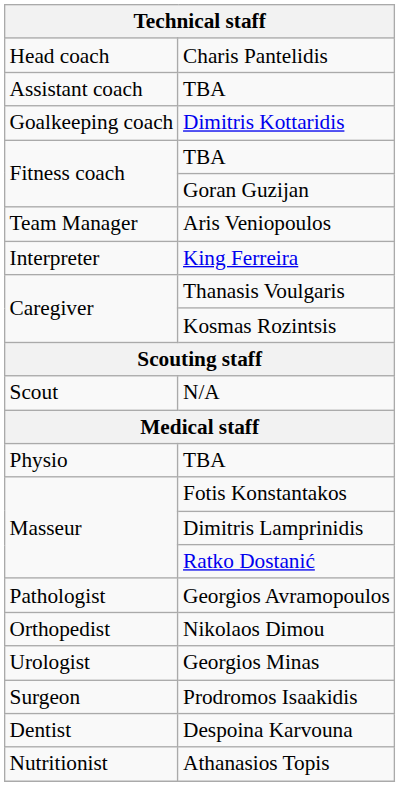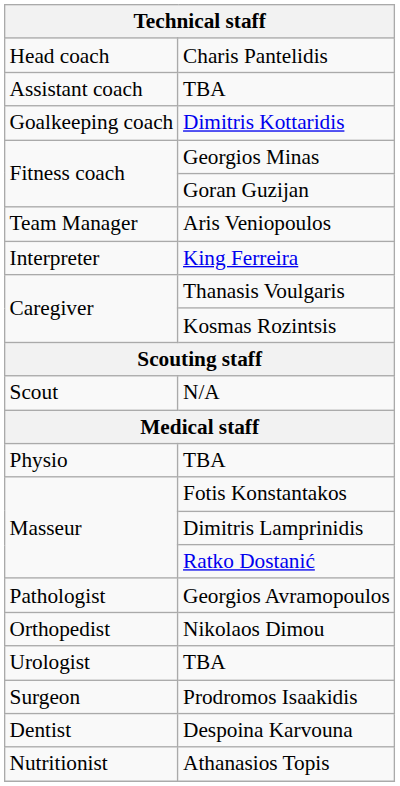 <table class="wikitable" style="text-align: center">
 <tr>
 <th colspan="2">Technical staff</th>
 </tr>
 <tr>
 <td align=left>Head coach</td>
 <td align=left> Charis Pantelidis</td>
 </tr>
 <tr>
 <td align=left rowspan=1>Assistant coach</td>
 <td align=left> TBA</td>
 </tr>
 <tr>
 <td align=left rowspan=1>Goalkeeping coach</td>
 <td align=left> <a href='#'>Dimitris Kottaridis</a></td>
 </tr>
 <tr>
 <td align=left rowspan=2>Fitness coach</td>
-<td align=left> TBA</td>
+<td align=left> Georgios Minas</td>
 </tr>
 <tr>
 <td align=left> Goran Guzijan</td>
 </tr>
 <tr>
 <td align=left>Team Manager</td>
 <td align=left> Aris Veniopoulos</td>
 </tr>
 <tr>
 <td align=left>Interpreter</td>
 <td align=left> <a href='#'>King Ferreira</a></td>
 </tr>
 <tr>
 <td align=left rowspan=2>Caregiver</td>
 <td align=left> Thanasis Voulgaris</td>
 </tr>
 <tr>
 <td align=left> Kosmas Rozintsis</td>
 </tr>
 <tr>
 <th colspan="2">Scouting staff</th>
 </tr>
 <tr>
 <td align=left rowspan=1>Scout</td>
 <td align=left>N/A</td>
 </tr>
 <tr>
 <th colspan="2">Medical staff</th>
 </tr>
 <tr>
 <td align=left rowspan=1>Physio</td>
 <td align=left>TBA</td>
 </tr>
 <tr>
 <td align=left rowspan=3>Masseur</td>
 <td align=left> Fotis Konstantakos</td>
 </tr>
 <tr>
 <td align=left> Dimitris Lamprinidis</td>
 </tr>
 <tr>
 <td align=left> <a href='#'>Ratko Dostanić</a></td>
 </tr>
 <tr>
 <td align=left rowspan=1>Pathologist</td>
 <td align=left> Georgios Avramopoulos</td>
 </tr>
 <tr>
 <td align=left>Orthopedist</td>
 <td align=left> Nikolaos Dimou</td>
 </tr>
 <tr>
 <td align=left rowspan=1>Urologist</td>
-<td align=left> Georgios Minas</td>
+<td align=left> TBA</td>
 </tr>
 <tr>
 <td align=left rowspan=1>Surgeon</td>
 <td align=left> Prodromos Isaakidis</td>
 </tr>
 <tr>
 <td align=left rowspan=1>Dentist</td>
 <td align=left> Despοina Karvouna</td>
 </tr>
 <tr>
 <td align=left rowspan=1>Νutritionist</td>
 <td align=left> Athanasios Topis</td>
 </tr>
 <tr>
 </tr>
 </table>
